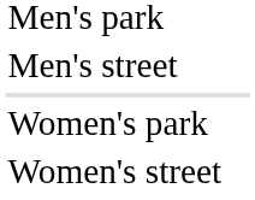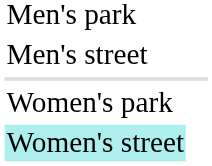 <table>
 <tr>
 <td>Men's park<br></td>
 <td></td>
 <td></td>
 <td></td>
 </tr>
 <tr>
 <td>Men's street<br></td>
 <td></td>
 <td></td>
 <td></td>
 </tr>
 <tr bgcolor=#ddd>
 <td colspan=5></td>
 </tr>
 <tr>
 <td>Women's park<br></td>
 <td></td>
 <td></td>
 <td></td>
 </tr>
 <tr>
-<td>Women's street<br></td>
+<td style="background: paleturquoise;">Women's street<br></td>
 <td></td>
 <td></td>
 <td></td>
 </tr>
 </table>
